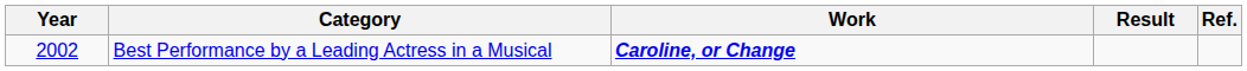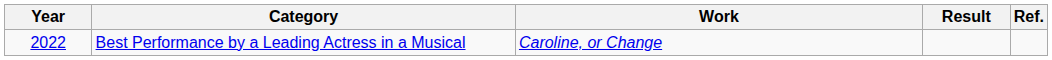 <table class="wikitable">
 <tr>
 <th scope="col" style="width:5em;">Year</th>
 <th scope="col" style="width:26em;">Category</th>
 <th scope="col" style="width:25em;">Work</th>
 <th scope="col" style="width:5em;">Result</th>
 <th>Ref.</th>
 </tr>
 <tr>
-<td style="text-align:center;"><a href='#'>2002</a></td>
+<td style="text-align:center;"><a href='#'>2022</a></td>
 <td rowspan="3"><a href='#'>Best Performance by a Leading Actress in a Musical</a></td>
-<td><strong><em><a href='#'>Caroline, or Change</a></em></strong></td>
+<td><em><a href='#'>Caroline, or Change</a></em></td>
 <td></td>
 <td></td>
 </tr>
 <tr>
 </tr>
 </table>
